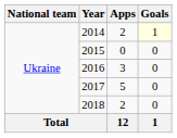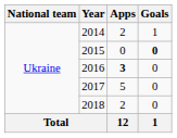 <table class="wikitable" style="text-align:center">
 <tr>
 <th>National team</th>
 <th>Year</th>
 <th>Apps</th>
 <th>Goals</th>
 </tr>
 <tr>
 <td rowspan="5"><a href='#'>Ukraine</a></td>
 <td>2014</td>
 <td>2</td>
-<td style="background: lightyellow;">1</td>
+<td>1</td>
 </tr>
 <tr>
 <td>2015</td>
 <td>0</td>
-<td>0</td>
+<td><strong>0</strong></td>
 </tr>
 <tr>
 <td>2016</td>
-<td>3</td>
+<td><strong>3</strong></td>
 <td>0</td>
 </tr>
 <tr>
 <td>2017</td>
 <td>5</td>
 <td>0</td>
 </tr>
 <tr>
 <td>2018</td>
 <td>2</td>
 <td>0</td>
 </tr>
 <tr>
 <th colspan="2">Total</th>
 <th>12</th>
 <th>1</th>
 </tr>
 </table>
